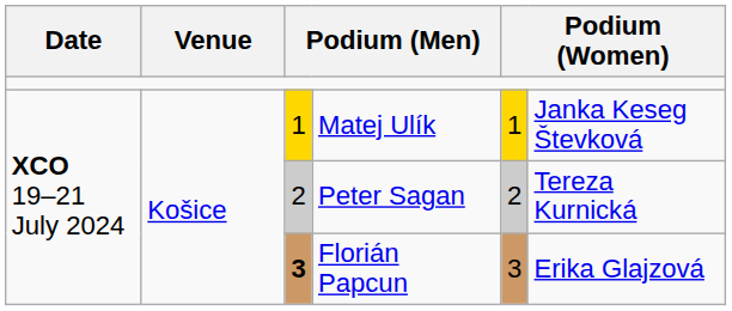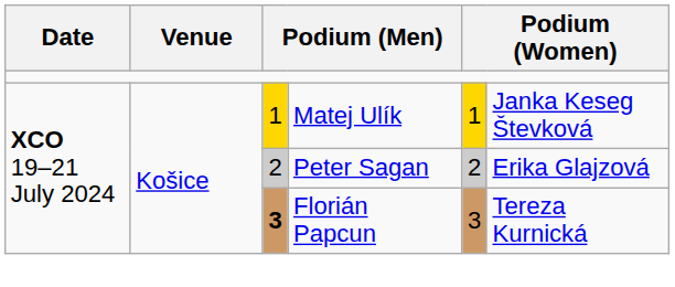 <table class="wikitable" width=70%>
 <tr>
 <th>Date</th>
 <th width=20%>Venue</th>
 <th colspan=2 width=30%>Podium (Men)</th>
 <th colspan=2 width=30%>Podium (Women)</th>
 </tr>
 <tr>
 <td colspan=6></td>
 </tr>
 <tr>
 <td rowspan=3><strong>XCO</strong> <br> 19–21 July 2024</td>
 <td rowspan=3><br><a href='#'>Košice</a></td>
 <td bgcolor=FFD700>1</td>
 <td><a href='#'>Matej Ulík</a></td>
 <td bgcolor=FFD700>1</td>
 <td><a href='#'>Janka Keseg Števková</a></td>
 </tr>
 <tr>
 <td bgcolor=CCCCCC>2</td>
 <td><a href='#'>Peter Sagan</a></td>
 <td bgcolor=CCCCCC>2</td>
-<td><a href='#'>Tereza Kurnická</a></td>
+<td><a href='#'>Erika Glajzová</a></td>
 </tr>
 <tr>
 <td bgcolor=CC9966><strong>3</strong></td>
 <td><a href='#'>Florián Papcun</a></td>
 <td bgcolor=CC9966>3</td>
-<td><a href='#'>Erika Glajzová</a></td>
+<td><a href='#'>Tereza Kurnická</a></td>
 </tr>
 </table>
